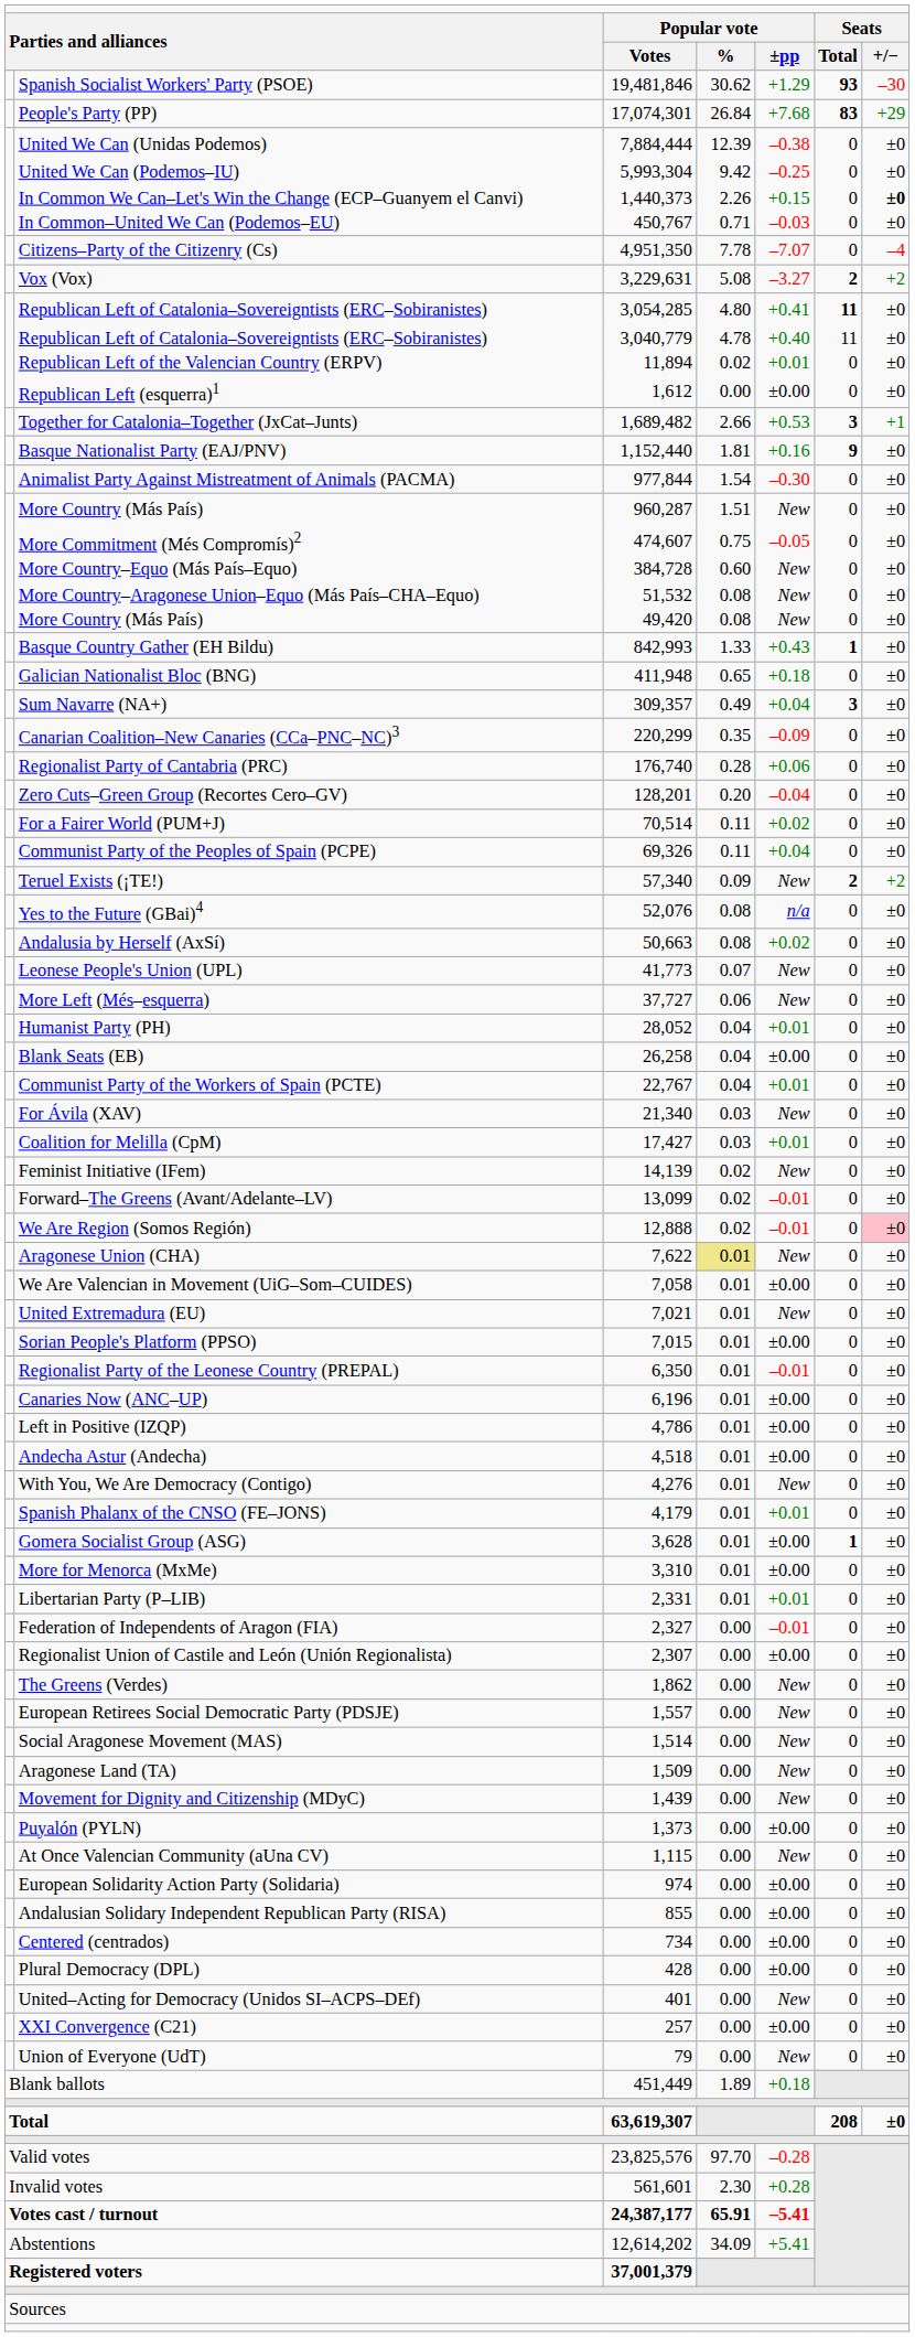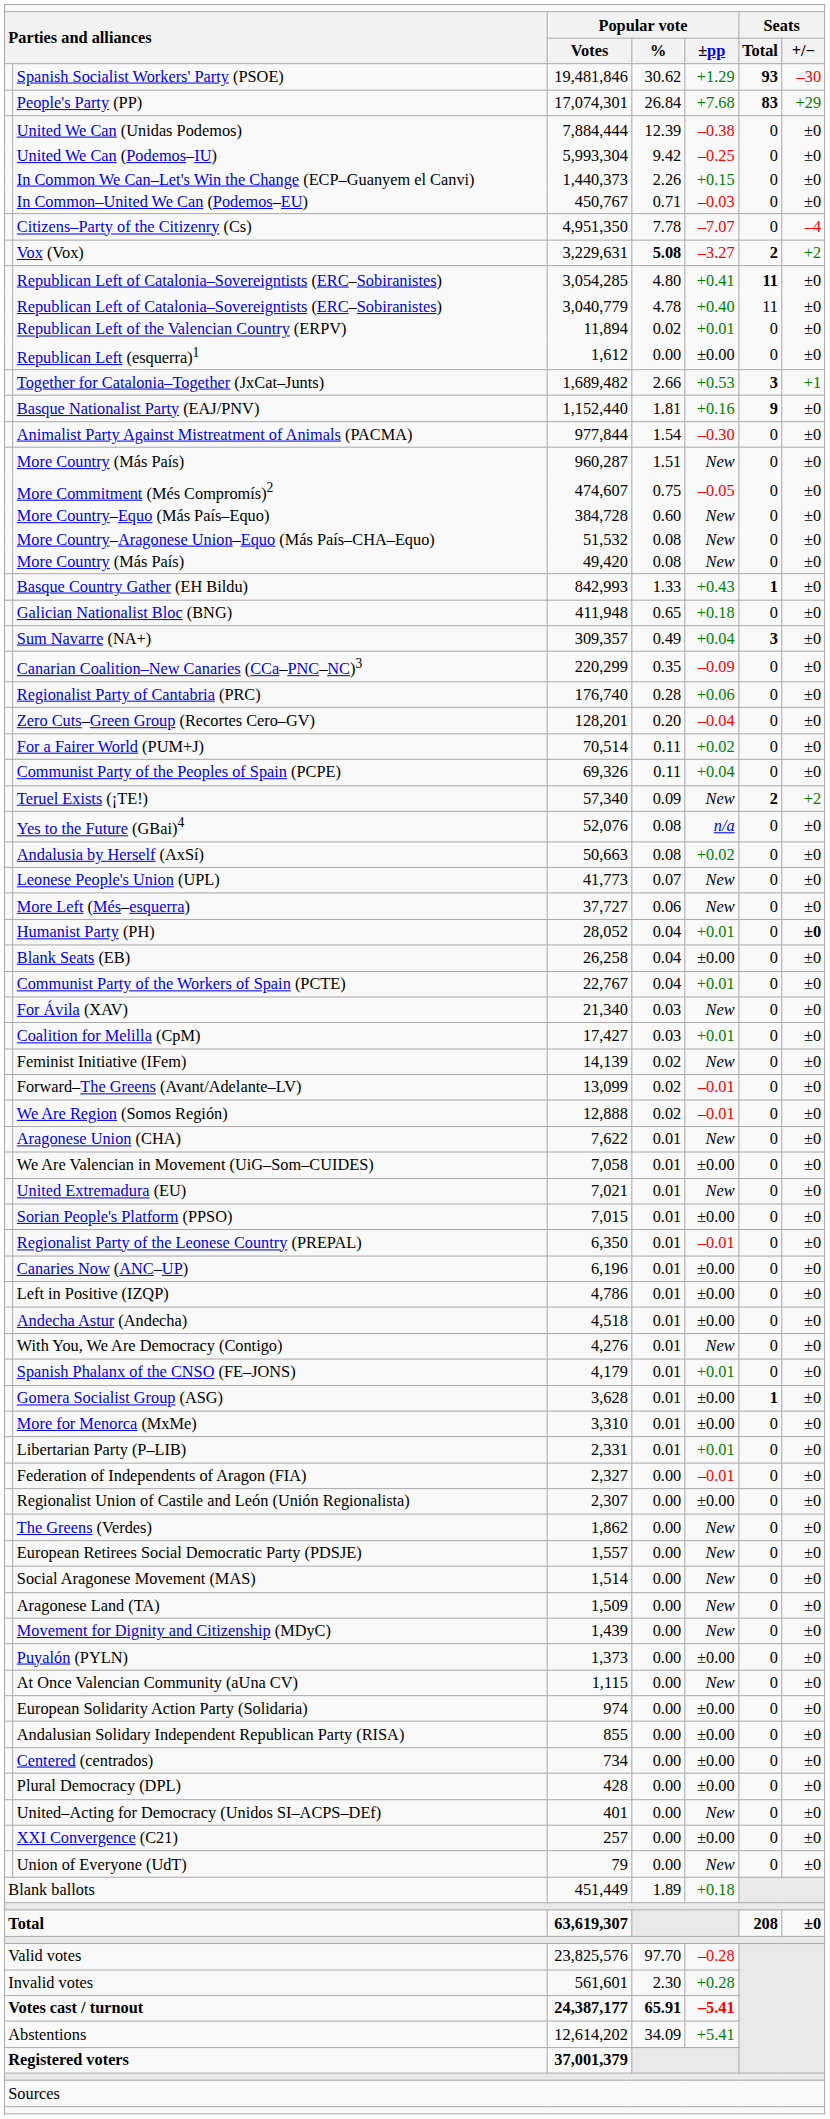 <table class="wikitable" style="text-align:right;">
 <tr>
 <td colspan="7"></td>
 </tr>
 <tr>
 <th style="text-align:left;" rowspan="2" colspan="2" width="525">Parties and alliances</th>
 <th colspan="3">Popular vote</th>
 <th colspan="2">Seats</th>
 </tr>
 <tr>
 <th width="75">Votes</th>
 <th width="45">%</th>
 <th width="45">±<a href='#'>pp</a></th>
 <th width="35">Total</th>
 <th width="35">+/−</th>
 </tr>
 <tr>
 <td width="1" style="color:inherit;background:"></td>
 <td align="left"><a href='#'>Spanish Socialist Workers' Party</a> (PSOE)</td>
 <td>19,481,846</td>
 <td>30.62</td>
 <td style="color:green;">+1.29</td>
 <td><strong>93</strong></td>
 <td style="color:red;">–30</td>
 </tr>
 <tr>
 <td style="color:inherit;background:"></td>
 <td align="left"><a href='#'>People's Party</a> (PP)</td>
 <td>17,074,301</td>
 <td>26.84</td>
 <td style="color:green;">+7.68</td>
 <td><strong>83</strong></td>
 <td style="color:green;">+29</td>
 </tr>
 <tr style="line-height:22px;">
 <td rowspan="4" style="color:inherit;background:"></td>
 <td align="left"><a href='#'>United We Can</a> (Unidas Podemos)</td>
 <td>7,884,444</td>
 <td>12.39</td>
 <td style="color:red;">–0.38</td>
 <td>0</td>
 <td>±0</td>
 </tr>
 <tr style="border-bottom-style:hidden; border-top-style:hidden; line-height:16px;">
 <td align="left"><span><a href='#'>United We Can</a> (<a href='#'>Podemos</a>–<a href='#'>IU</a>)</span></td>
 <td>5,993,304</td>
 <td>9.42</td>
 <td style="color:red;">–0.25</td>
 <td>0</td>
 <td>±0</td>
 </tr>
 <tr style="border-bottom-style:hidden; line-height:16px;">
 <td align="left"><span><a href='#'>In Common We Can–Let's Win the Change</a> (ECP–Guanyem el Canvi)</span></td>
 <td>1,440,373</td>
 <td>2.26</td>
 <td style="color:green;">+0.15</td>
 <td>0</td>
-<td><strong>±0</strong></td>
+<td>±0</td>
 </tr>
 <tr style="line-height:16px;">
 <td align="left"><span><a href='#'>In Common–United We Can</a> (<a href='#'>Podemos</a>–<a href='#'>EU</a>)</span></td>
 <td>450,767</td>
 <td>0.71</td>
 <td style="color:red;">–0.03</td>
 <td>0</td>
 <td>±0</td>
 </tr>
 <tr>
 <td style="color:inherit;background:"></td>
 <td align="left"><a href='#'>Citizens–Party of the Citizenry</a> (Cs)</td>
 <td>4,951,350</td>
 <td>7.78</td>
 <td style="color:red;">–7.07</td>
 <td>0</td>
 <td style="color:red;">–4</td>
 </tr>
 <tr>
 <td style="color:inherit;background:"></td>
 <td align="left"><a href='#'>Vox</a> (Vox)</td>
 <td>3,229,631</td>
-<td>5.08</td>
+<td><strong>5.08</strong></td>
 <td style="color:red;">–3.27</td>
 <td><strong>2</strong></td>
 <td style="color:green;">+2</td>
 </tr>
 <tr style="line-height:22px;">
 <td rowspan="4" style="color:inherit;background:"></td>
 <td align="left"><a href='#'>Republican Left of Catalonia–Sovereigntists</a> (<a href='#'>ERC</a>–<a href='#'>Sobiranistes</a>)</td>
 <td>3,054,285</td>
 <td>4.80</td>
 <td style="color:green;">+0.41</td>
 <td><strong>11</strong></td>
 <td>±0</td>
 </tr>
 <tr style="border-bottom-style:hidden; border-top-style:hidden; line-height:16px;">
 <td align="left"><span><a href='#'>Republican Left of Catalonia–Sovereigntists</a> (<a href='#'>ERC</a>–<a href='#'>Sobiranistes</a>)</span></td>
 <td>3,040,779</td>
 <td>4.78</td>
 <td style="color:green;">+0.40</td>
 <td>11</td>
 <td>±0</td>
 </tr>
 <tr style="border-bottom-style:hidden; line-height:16px;">
 <td align="left"><span><a href='#'>Republican Left of the Valencian Country</a> (ERPV)</span></td>
 <td>11,894</td>
 <td>0.02</td>
 <td style="color:green;">+0.01</td>
 <td>0</td>
 <td>±0</td>
 </tr>
 <tr style="line-height:16px;">
 <td align="left"><span><a href='#'>Republican Left</a> (esquerra)<sup>1</sup></span></td>
 <td>1,612</td>
 <td>0.00</td>
 <td>±0.00</td>
 <td>0</td>
 <td>±0</td>
 </tr>
 <tr>
 <td style="color:inherit;background:"></td>
 <td align="left"><a href='#'>Together for Catalonia–Together</a> (JxCat–Junts)</td>
 <td>1,689,482</td>
 <td>2.66</td>
 <td style="color:green;">+0.53</td>
 <td><strong>3</strong></td>
 <td style="color:green;">+1</td>
 </tr>
 <tr>
 <td style="color:inherit;background:"></td>
 <td align="left"><a href='#'>Basque Nationalist Party</a> (EAJ/PNV)</td>
 <td>1,152,440</td>
 <td>1.81</td>
 <td style="color:green;">+0.16</td>
 <td><strong>9</strong></td>
 <td>±0</td>
 </tr>
 <tr>
 <td style="color:inherit;background:"></td>
 <td align="left"><a href='#'>Animalist Party Against Mistreatment of Animals</a> (PACMA)</td>
 <td>977,844</td>
 <td>1.54</td>
 <td style="color:red;">–0.30</td>
 <td>0</td>
 <td>±0</td>
 </tr>
 <tr style="line-height:22px;">
 <td rowspan="5" style="color:inherit;background:"></td>
 <td align="left"><a href='#'>More Country</a> (Más País)</td>
 <td>960,287</td>
 <td>1.51</td>
 <td><em>New</em></td>
 <td>0</td>
 <td>±0</td>
 </tr>
 <tr style="border-bottom-style:hidden; border-top-style:hidden; line-height:16px;">
 <td align="left"><span><a href='#'>More Commitment</a> (Més Compromís)<sup>2</sup></span></td>
 <td>474,607</td>
 <td>0.75</td>
 <td style="color:red;">–0.05</td>
 <td>0</td>
 <td>±0</td>
 </tr>
 <tr style="border-bottom-style:hidden; line-height:16px;">
 <td align="left"><span><a href='#'>More Country</a>–<a href='#'>Equo</a> (Más País–Equo)</span></td>
 <td>384,728</td>
 <td>0.60</td>
 <td><em>New</em></td>
 <td>0</td>
 <td>±0</td>
 </tr>
 <tr style="border-bottom-style:hidden; line-height:16px;">
 <td align="left"><span><a href='#'>More Country</a>–<a href='#'>Aragonese Union</a>–<a href='#'>Equo</a> (Más País–CHA–Equo)</span></td>
 <td>51,532</td>
 <td>0.08</td>
 <td><em>New</em></td>
 <td>0</td>
 <td>±0</td>
 </tr>
 <tr style="line-height:16px;">
 <td align="left"><span><a href='#'>More Country</a> (Más País)</span></td>
 <td>49,420</td>
 <td>0.08</td>
 <td><em>New</em></td>
 <td>0</td>
 <td>±0</td>
 </tr>
 <tr>
 <td style="color:inherit;background:"></td>
 <td align="left"><a href='#'>Basque Country Gather</a> (EH Bildu)</td>
 <td>842,993</td>
 <td>1.33</td>
 <td style="color:green;">+0.43</td>
 <td><strong>1</strong></td>
 <td>±0</td>
 </tr>
 <tr>
 <td style="color:inherit;background:"></td>
 <td align="left"><a href='#'>Galician Nationalist Bloc</a> (BNG)</td>
 <td>411,948</td>
 <td>0.65</td>
 <td style="color:green;">+0.18</td>
 <td>0</td>
 <td>±0</td>
 </tr>
 <tr>
 <td style="color:inherit;background:"></td>
 <td align="left"><a href='#'>Sum Navarre</a> (NA+)</td>
 <td>309,357</td>
 <td>0.49</td>
 <td style="color:green;">+0.04</td>
 <td><strong>3</strong></td>
 <td>±0</td>
 </tr>
 <tr>
 <td style="color:inherit;background:"></td>
 <td align="left"><a href='#'>Canarian Coalition–New Canaries</a> (<a href='#'>CCa</a>–<a href='#'>PNC</a>–<a href='#'>NC</a>)<sup>3</sup></td>
 <td>220,299</td>
 <td>0.35</td>
 <td style="color:red;">–0.09</td>
 <td>0</td>
 <td>±0</td>
 </tr>
 <tr>
 <td style="color:inherit;background:"></td>
 <td align="left"><a href='#'>Regionalist Party of Cantabria</a> (PRC)</td>
 <td>176,740</td>
 <td>0.28</td>
 <td style="color:green;">+0.06</td>
 <td>0</td>
 <td>±0</td>
 </tr>
 <tr>
 <td style="color:inherit;background:"></td>
 <td align="left"><a href='#'>Zero Cuts</a>–<a href='#'>Green Group</a> (Recortes Cero–GV)</td>
 <td>128,201</td>
 <td>0.20</td>
 <td style="color:red;">–0.04</td>
 <td>0</td>
 <td>±0</td>
 </tr>
 <tr>
 <td style="color:inherit;background:"></td>
 <td align="left"><a href='#'>For a Fairer World</a> (PUM+J)</td>
 <td>70,514</td>
 <td>0.11</td>
 <td style="color:green;">+0.02</td>
 <td>0</td>
 <td>±0</td>
 </tr>
 <tr>
 <td style="color:inherit;background:"></td>
 <td align="left"><a href='#'>Communist Party of the Peoples of Spain</a> (PCPE)</td>
 <td>69,326</td>
 <td>0.11</td>
 <td style="color:green;">+0.04</td>
 <td>0</td>
 <td>±0</td>
 </tr>
 <tr>
 <td style="color:inherit;background:"></td>
 <td align="left"><a href='#'>Teruel Exists</a> (¡TE!)</td>
 <td>57,340</td>
 <td>0.09</td>
 <td><em>New</em></td>
 <td><strong>2</strong></td>
 <td style="color:green;">+2</td>
 </tr>
 <tr>
 <td style="color:inherit;background:"></td>
 <td align="left"><a href='#'>Yes to the Future</a> (GBai)<sup>4</sup></td>
 <td>52,076</td>
 <td>0.08</td>
 <td><em><a href='#'>n/a</a></em></td>
 <td>0</td>
 <td>±0</td>
 </tr>
 <tr>
 <td style="color:inherit;background:"></td>
 <td align="left"><a href='#'>Andalusia by Herself</a> (AxSí)</td>
 <td>50,663</td>
 <td>0.08</td>
 <td style="color:green;">+0.02</td>
 <td>0</td>
 <td>±0</td>
 </tr>
 <tr>
 <td style="color:inherit;background:"></td>
 <td align="left"><a href='#'>Leonese People's Union</a> (UPL)</td>
 <td>41,773</td>
 <td>0.07</td>
 <td><em>New</em></td>
 <td>0</td>
 <td>±0</td>
 </tr>
 <tr>
 <td style="color:inherit;background:"></td>
 <td align="left"><a href='#'>More Left</a> (<a href='#'>Més</a>–<a href='#'>esquerra</a>)</td>
 <td>37,727</td>
 <td>0.06</td>
 <td><em>New</em></td>
 <td>0</td>
 <td>±0</td>
 </tr>
 <tr>
 <td style="color:inherit;background:"></td>
 <td align="left"><a href='#'>Humanist Party</a> (PH)</td>
 <td>28,052</td>
 <td>0.04</td>
 <td style="color:green;">+0.01</td>
 <td>0</td>
-<td>±0</td>
+<td><strong>±0</strong></td>
 </tr>
 <tr>
 <td style="color:inherit;background:"></td>
 <td align="left"><a href='#'>Blank Seats</a> (EB)</td>
 <td>26,258</td>
 <td>0.04</td>
 <td>±0.00</td>
 <td>0</td>
 <td>±0</td>
 </tr>
 <tr>
 <td style="color:inherit;background:"></td>
 <td align="left"><a href='#'>Communist Party of the Workers of Spain</a> (PCTE)</td>
 <td>22,767</td>
 <td>0.04</td>
 <td style="color:green;">+0.01</td>
 <td>0</td>
 <td>±0</td>
 </tr>
 <tr>
 <td style="color:inherit;background:"></td>
 <td align="left"><a href='#'>For Ávila</a> (XAV)</td>
 <td>21,340</td>
 <td>0.03</td>
 <td><em>New</em></td>
 <td>0</td>
 <td>±0</td>
 </tr>
 <tr>
 <td style="color:inherit;background:"></td>
 <td align="left"><a href='#'>Coalition for Melilla</a> (CpM)</td>
 <td>17,427</td>
 <td>0.03</td>
 <td style="color:green;">+0.01</td>
 <td>0</td>
 <td>±0</td>
 </tr>
 <tr>
 <td style="color:inherit;background:"></td>
 <td align="left">Feminist Initiative (IFem)</td>
 <td>14,139</td>
 <td>0.02</td>
 <td><em>New</em></td>
 <td>0</td>
 <td>±0</td>
 </tr>
 <tr>
 <td style="color:inherit;background:"></td>
 <td align="left">Forward–<a href='#'>The Greens</a> (Avant/Adelante–LV)</td>
 <td>13,099</td>
 <td>0.02</td>
 <td style="color:red;">–0.01</td>
 <td>0</td>
 <td>±0</td>
 </tr>
 <tr>
 <td style="color:inherit;background:"></td>
 <td align="left"><a href='#'>We Are Region</a> (Somos Región)</td>
 <td>12,888</td>
 <td>0.02</td>
 <td style="color:red;">–0.01</td>
 <td>0</td>
-<td style="background: pink;">±0</td>
+<td>±0</td>
 </tr>
 <tr>
 <td style="color:inherit;background:"></td>
 <td align="left"><a href='#'>Aragonese Union</a> (CHA)</td>
 <td>7,622</td>
-<td style="background: khaki;">0.01</td>
+<td>0.01</td>
 <td><em>New</em></td>
 <td>0</td>
 <td>±0</td>
 </tr>
 <tr>
 <td style="color:inherit;background:"></td>
 <td align="left">We Are Valencian in Movement (UiG–Som–CUIDES)</td>
 <td>7,058</td>
 <td>0.01</td>
 <td>±0.00</td>
 <td>0</td>
 <td>±0</td>
 </tr>
 <tr>
 <td style="color:inherit;background:"></td>
 <td align="left"><a href='#'>United Extremadura</a> (EU)</td>
 <td>7,021</td>
 <td>0.01</td>
 <td><em>New</em></td>
 <td>0</td>
 <td>±0</td>
 </tr>
 <tr>
 <td style="color:inherit;background:"></td>
 <td align="left"><a href='#'>Sorian People's Platform</a> (PPSO)</td>
 <td>7,015</td>
 <td>0.01</td>
 <td>±0.00</td>
 <td>0</td>
 <td>±0</td>
 </tr>
 <tr>
 <td style="color:inherit;background:"></td>
 <td align="left"><a href='#'>Regionalist Party of the Leonese Country</a> (PREPAL)</td>
 <td>6,350</td>
 <td>0.01</td>
 <td style="color:red;">–0.01</td>
 <td>0</td>
 <td>±0</td>
 </tr>
 <tr>
 <td style="color:inherit;background:"></td>
 <td align="left"><a href='#'>Canaries Now</a> (<a href='#'>ANC</a>–<a href='#'>UP</a>)</td>
 <td>6,196</td>
 <td>0.01</td>
 <td>±0.00</td>
 <td>0</td>
 <td>±0</td>
 </tr>
 <tr>
 <td style="color:inherit;background:"></td>
 <td align="left">Left in Positive (IZQP)</td>
 <td>4,786</td>
 <td>0.01</td>
 <td>±0.00</td>
 <td>0</td>
 <td>±0</td>
 </tr>
 <tr>
 <td style="color:inherit;background:"></td>
 <td align="left"><a href='#'>Andecha Astur</a> (Andecha)</td>
 <td>4,518</td>
 <td>0.01</td>
 <td>±0.00</td>
 <td>0</td>
 <td>±0</td>
 </tr>
 <tr>
 <td style="color:inherit;background:"></td>
 <td align="left">With You, We Are Democracy (Contigo)</td>
 <td>4,276</td>
 <td>0.01</td>
 <td><em>New</em></td>
 <td>0</td>
 <td>±0</td>
 </tr>
 <tr>
 <td style="color:inherit;background:"></td>
 <td align="left"><a href='#'>Spanish Phalanx of the CNSO</a> (FE–JONS)</td>
 <td>4,179</td>
 <td>0.01</td>
 <td style="color:green;">+0.01</td>
 <td>0</td>
 <td>±0</td>
 </tr>
 <tr>
 <td style="color:inherit;background:"></td>
 <td align="left"><a href='#'>Gomera Socialist Group</a> (ASG)</td>
 <td>3,628</td>
 <td>0.01</td>
 <td>±0.00</td>
 <td><strong>1</strong></td>
 <td>±0</td>
 </tr>
 <tr>
 <td style="color:inherit;background:"></td>
 <td align="left"><a href='#'>More for Menorca</a> (MxMe)</td>
 <td>3,310</td>
 <td>0.01</td>
 <td>±0.00</td>
 <td>0</td>
 <td>±0</td>
 </tr>
 <tr>
 <td style="color:inherit;background:"></td>
 <td align="left">Libertarian Party (P–LIB)</td>
 <td>2,331</td>
 <td>0.01</td>
 <td style="color:green;">+0.01</td>
 <td>0</td>
 <td>±0</td>
 </tr>
 <tr>
 <td style="color:inherit;background:"></td>
 <td align="left">Federation of Independents of Aragon (FIA)</td>
 <td>2,327</td>
 <td>0.00</td>
 <td style="color:red;">–0.01</td>
 <td>0</td>
 <td>±0</td>
 </tr>
 <tr>
 <td style="color:inherit;background:"></td>
 <td align="left">Regionalist Union of Castile and León (Unión Regionalista)</td>
 <td>2,307</td>
 <td>0.00</td>
 <td>±0.00</td>
 <td>0</td>
 <td>±0</td>
 </tr>
 <tr>
 <td style="color:inherit;background:"></td>
 <td align="left"><a href='#'>The Greens</a> (Verdes)</td>
 <td>1,862</td>
 <td>0.00</td>
 <td><em>New</em></td>
 <td>0</td>
 <td>±0</td>
 </tr>
 <tr>
 <td style="color:inherit;background:"></td>
 <td align="left">European Retirees Social Democratic Party (PDSJE)</td>
 <td>1,557</td>
 <td>0.00</td>
 <td><em>New</em></td>
 <td>0</td>
 <td>±0</td>
 </tr>
 <tr>
 <td style="color:inherit;background:"></td>
 <td align="left">Social Aragonese Movement (MAS)</td>
 <td>1,514</td>
 <td>0.00</td>
 <td><em>New</em></td>
 <td>0</td>
 <td>±0</td>
 </tr>
 <tr>
 <td style="color:inherit;background:"></td>
 <td align="left">Aragonese Land (TA)</td>
 <td>1,509</td>
 <td>0.00</td>
 <td><em>New</em></td>
 <td>0</td>
 <td>±0</td>
 </tr>
 <tr>
 <td style="color:inherit;background:"></td>
 <td align="left"><a href='#'>Movement for Dignity and Citizenship</a> (MDyC)</td>
 <td>1,439</td>
 <td>0.00</td>
 <td><em>New</em></td>
 <td>0</td>
 <td>±0</td>
 </tr>
 <tr>
 <td style="color:inherit;background:"></td>
 <td align="left"><a href='#'>Puyalón</a> (PYLN)</td>
 <td>1,373</td>
 <td>0.00</td>
 <td>±0.00</td>
 <td>0</td>
 <td>±0</td>
 </tr>
 <tr>
 <td style="color:inherit;background:"></td>
 <td align="left">At Once Valencian Community (aUna CV)</td>
 <td>1,115</td>
 <td>0.00</td>
 <td><em>New</em></td>
 <td>0</td>
 <td>±0</td>
 </tr>
 <tr>
 <td style="color:inherit;background:"></td>
 <td align="left">European Solidarity Action Party (Solidaria)</td>
 <td>974</td>
 <td>0.00</td>
 <td>±0.00</td>
 <td>0</td>
 <td>±0</td>
 </tr>
 <tr>
 <td style="color:inherit;background:"></td>
 <td align="left">Andalusian Solidary Independent Republican Party (RISA)</td>
 <td>855</td>
 <td>0.00</td>
 <td>±0.00</td>
 <td>0</td>
 <td>±0</td>
 </tr>
 <tr>
 <td style="color:inherit;background:"></td>
 <td align="left"><a href='#'>Centered</a> (centrados)</td>
 <td>734</td>
 <td>0.00</td>
 <td>±0.00</td>
 <td>0</td>
 <td>±0</td>
 </tr>
 <tr>
 <td style="color:inherit;background:"></td>
 <td align="left">Plural Democracy (DPL)</td>
 <td>428</td>
 <td>0.00</td>
 <td>±0.00</td>
 <td>0</td>
 <td>±0</td>
 </tr>
 <tr>
 <td style="color:inherit;background:"></td>
 <td align="left">United–Acting for Democracy (Unidos SI–ACPS–DEf)</td>
 <td>401</td>
 <td>0.00</td>
 <td><em>New</em></td>
 <td>0</td>
 <td>±0</td>
 </tr>
 <tr>
 <td style="color:inherit;background:"></td>
 <td align="left"><a href='#'>XXI Convergence</a> (C21)</td>
 <td>257</td>
 <td>0.00</td>
 <td>±0.00</td>
 <td>0</td>
 <td>±0</td>
 </tr>
 <tr>
 <td style="color:inherit;background:"></td>
 <td align="left">Union of Everyone (UdT)</td>
 <td>79</td>
 <td>0.00</td>
 <td><em>New</em></td>
 <td>0</td>
 <td>±0</td>
 </tr>
 <tr>
 <td align="left" colspan="2">Blank ballots</td>
 <td>451,449</td>
 <td>1.89</td>
 <td style="color:green;">+0.18</td>
 <td bgcolor="#E9E9E9" colspan="2"></td>
 </tr>
 <tr>
 <td colspan="7" bgcolor="#E9E9E9"></td>
 </tr>
 <tr style="font-weight:bold;">
 <td align="left" colspan="2">Total</td>
 <td>63,619,307</td>
 <td bgcolor="#E9E9E9" colspan="2"></td>
 <td>208</td>
 <td>±0</td>
 </tr>
 <tr>
 <td colspan="7" bgcolor="#E9E9E9"></td>
 </tr>
 <tr>
 <td align="left" colspan="2">Valid votes</td>
 <td>23,825,576</td>
 <td>97.70</td>
 <td style="color:red;">–0.28</td>
 <td bgcolor="#E9E9E9" colspan="2" rowspan="5"></td>
 </tr>
 <tr>
 <td align="left" colspan="2">Invalid votes</td>
 <td>561,601</td>
 <td>2.30</td>
 <td style="color:green;">+0.28</td>
 </tr>
 <tr style="font-weight:bold;">
 <td align="left" colspan="2">Votes cast / turnout</td>
 <td>24,387,177</td>
 <td>65.91</td>
 <td style="color:red;">–5.41</td>
 </tr>
 <tr>
 <td align="left" colspan="2">Abstentions</td>
 <td>12,614,202</td>
 <td>34.09</td>
 <td style="color:green;">+5.41</td>
 </tr>
 <tr style="font-weight:bold;">
 <td align="left" colspan="2">Registered voters</td>
 <td>37,001,379</td>
 <td bgcolor="#E9E9E9" colspan="2"></td>
 </tr>
 <tr>
 <td colspan="7" bgcolor="#E9E9E9"></td>
 </tr>
 <tr>
 <td align="left" colspan="7">Sources</td>
 </tr>
 <tr>
 <td colspan="7" style="text-align:left; max-width:790px;"></td>
 </tr>
 </table>
